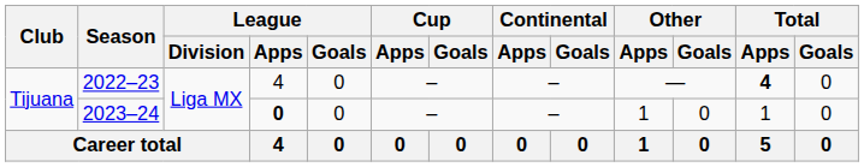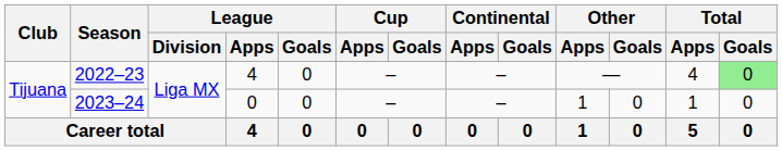 <table class="wikitable" style="text-align: center">
 <tr>
 <th rowspan="2">Club</th>
 <th rowspan="2">Season</th>
 <th colspan="3">League</th>
 <th colspan="2">Cup</th>
 <th colspan="2">Continental</th>
 <th colspan="2">Other</th>
 <th colspan="2">Total</th>
 </tr>
 <tr>
 <th>Division</th>
 <th>Apps</th>
 <th>Goals</th>
 <th>Apps</th>
 <th>Goals</th>
 <th>Apps</th>
 <th>Goals</th>
 <th>Apps</th>
 <th>Goals</th>
 <th>Apps</th>
 <th>Goals</th>
 </tr>
 <tr>
 <td rowspan="2"><a href='#'>Tijuana</a></td>
 <td><a href='#'>2022–23</a></td>
 <td rowspan="2"><a href='#'>Liga MX</a></td>
 <td>4</td>
 <td>0</td>
 <td colspan="2">–</td>
 <td colspan="2">–</td>
 <td colspan="2">—</td>
-<td><strong>4</strong></td>
-<td>0</td>
+<td>4</td>
+<td style="background: lightgreen;">0</td>
 </tr>
 <tr>
 <td><a href='#'>2023–24</a></td>
-<td><strong>0</strong></td>
+<td>0</td>
 <td>0</td>
 <td colspan="2">–</td>
 <td colspan="2">–</td>
 <td>1</td>
 <td>0</td>
 <td>1</td>
 <td>0</td>
 </tr>
 <tr>
 <th colspan="3">Career total</th>
 <th>4</th>
 <th>0</th>
 <th>0</th>
 <th>0</th>
 <th>0</th>
 <th>0</th>
 <th>1</th>
 <th>0</th>
 <th>5</th>
 <th>0</th>
 </tr>
 </table>
